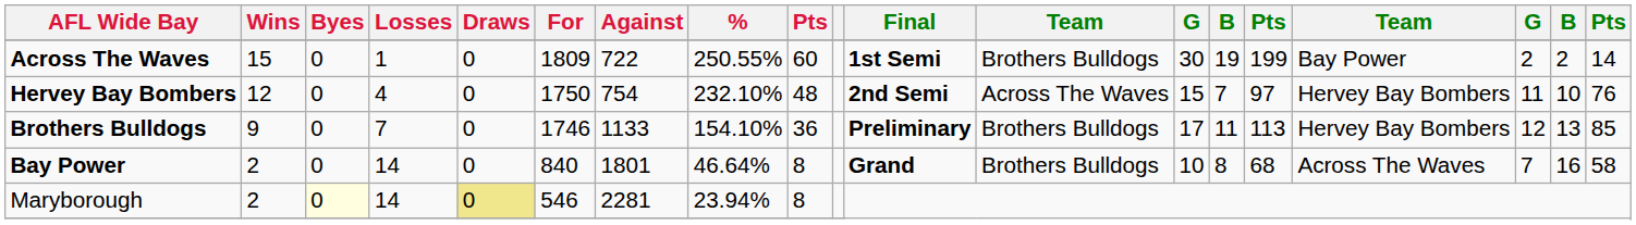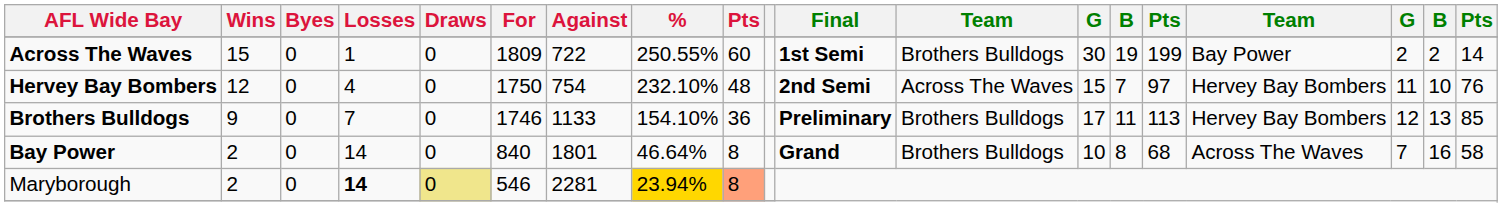 <table class="wikitable">
 <tr>
 <th style="color:crimson">AFL Wide Bay</th>
 <th style="color:crimson">Wins</th>
 <th style="color:crimson">Byes</th>
 <th style="color:crimson">Losses</th>
 <th style="color:crimson">Draws</th>
 <th style="color:crimson">For</th>
 <th style="color:crimson">Against</th>
 <th style="color:crimson">%</th>
 <th style="color:crimson">Pts</th>
 <th></th>
 <th style="color:green">Final</th>
 <th style="color:green">Team</th>
 <th style="color:green">G</th>
 <th style="color:green">B</th>
 <th style="color:green">Pts</th>
 <th style="color:green">Team</th>
 <th style="color:green">G</th>
 <th style="color:green">B</th>
 <th style="color:green">Pts</th>
 </tr>
 <tr>
 </tr>
 <tr>
 </tr>
 <tr>
 <td><strong>	Across The Waves	</strong></td>
 <td>15</td>
 <td>0</td>
 <td>1</td>
 <td>0</td>
 <td>1809</td>
 <td>722</td>
 <td>250.55%</td>
 <td>60</td>
 <td></td>
 <td><strong>1st Semi</strong></td>
 <td>Brothers Bulldogs</td>
 <td>30</td>
 <td>19</td>
 <td>199</td>
 <td>Bay Power</td>
 <td>2</td>
 <td>2</td>
 <td>14</td>
 </tr>
 <tr>
 <td><strong>	Hervey Bay Bombers	</strong></td>
 <td>12</td>
 <td>0</td>
 <td>4</td>
 <td>0</td>
 <td>1750</td>
 <td>754</td>
 <td>232.10%</td>
 <td>48</td>
 <td></td>
 <td><strong>2nd Semi</strong></td>
 <td>Across The Waves</td>
 <td>15</td>
 <td>7</td>
 <td>97</td>
 <td>Hervey Bay Bombers</td>
 <td>11</td>
 <td>10</td>
 <td>76</td>
 </tr>
 <tr>
 <td><strong>	Brothers Bulldogs	</strong></td>
 <td>9</td>
 <td>0</td>
 <td>7</td>
 <td>0</td>
 <td>1746</td>
 <td>1133</td>
 <td>154.10%</td>
 <td>36</td>
 <td></td>
 <td><strong>Preliminary</strong></td>
 <td>Brothers Bulldogs</td>
 <td>17</td>
 <td>11</td>
 <td>113</td>
 <td>Hervey Bay Bombers</td>
 <td>12</td>
 <td>13</td>
 <td>85</td>
 </tr>
 <tr>
 <td><strong>	Bay Power	</strong></td>
 <td>2</td>
 <td>0</td>
 <td>14</td>
 <td>0</td>
 <td>840</td>
 <td>1801</td>
 <td>46.64%</td>
 <td>8</td>
 <td></td>
 <td><strong>Grand</strong></td>
 <td>Brothers Bulldogs</td>
 <td>10</td>
 <td>8</td>
 <td>68</td>
 <td>Across The Waves</td>
 <td>7</td>
 <td>16</td>
 <td>58</td>
 </tr>
 <tr>
 <td>Maryborough</td>
 <td>2</td>
-<td style="background: lightyellow;">0</td>
-<td>14</td>
+<td>0</td>
+<td><strong>14</strong></td>
 <td style="background: khaki;">0</td>
 <td>546</td>
 <td>2281</td>
-<td>23.94%</td>
-<td>8</td>
+<td style="background: gold;">23.94%</td>
+<td style="background: lightsalmon;">8</td>
 <td></td>
 </tr>
 <tr>
 </tr>
 </table>
